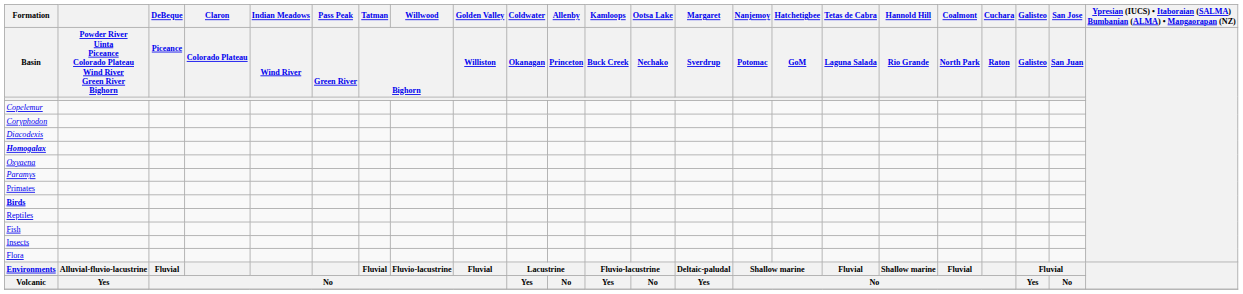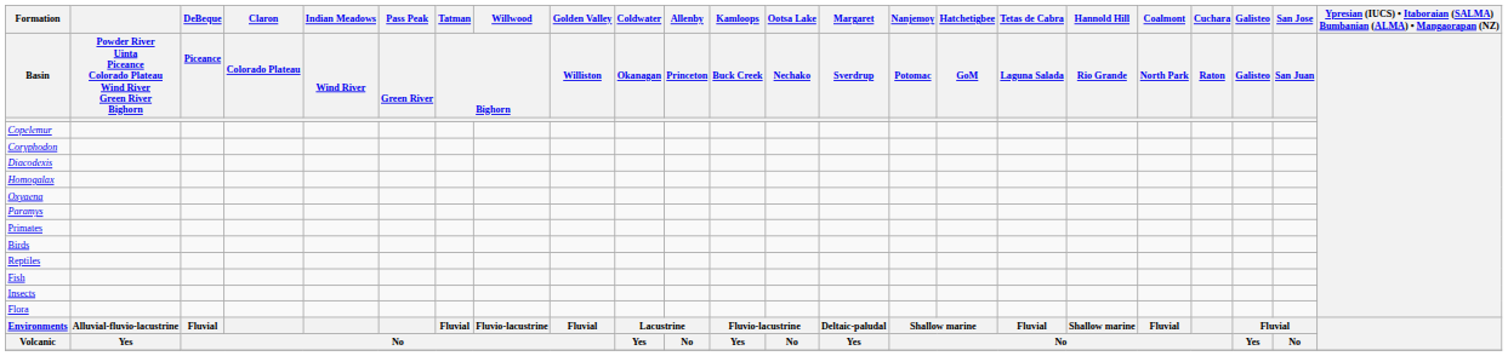 <table class="wikitable" style="font-size: 60%">
 <tr>
 <th>Formation</th>
 <th></th>
 <th><a href='#'>DeBeque</a></th>
 <th><a href='#'>Claron</a></th>
 <th><a href='#'>Indian Meadows</a></th>
 <th><a href='#'>Pass Peak</a></th>
 <th><a href='#'>Tatman</a></th>
 <th><a href='#'>Willwood</a></th>
 <th><a href='#'>Golden Valley</a></th>
 <th><a href='#'>Coldwater</a></th>
 <th><a href='#'>Allenby</a></th>
 <th><a href='#'>Kamloops</a></th>
 <th><a href='#'>Ootsa Lake</a></th>
 <th><a href='#'>Margaret</a></th>
 <th><a href='#'>Nanjemoy</a></th>
 <th><a href='#'>Hatchetigbee</a></th>
 <th><a href='#'>Tetas de Cabra</a></th>
 <th><a href='#'>Hannold Hill</a></th>
 <th><a href='#'>Coalmont</a></th>
 <th><a href='#'>Cuchara</a></th>
 <th><a href='#'>Galisteo</a></th>
 <th><a href='#'>San Jose</a></th>
 <th><a href='#'>Ypresian</a> (IUCS) • <a href='#'>Itaboraian</a> (<a href='#'>SALMA</a>)<br><a href='#'>Bumbanian</a> (<a href='#'>ALMA</a>) • <a href='#'>Mangaorapan</a> (NZ)</th>
 </tr>
 <tr>
 <th>Basin</th>
 <th><a href='#'>Powder River</a><br><a href='#'>Uinta</a><br><a href='#'>Piceance</a><br><a href='#'>Colorado Plateau</a><br><a href='#'>Wind River</a><br><a href='#'>Green River</a><br><a href='#'>Bighorn</a></th>
 <th><a href='#'>Piceance</a><br><br><br><br></th>
 <th><br><a href='#'>Colorado Plateau</a><br><br><br></th>
 <th><br><br><br><a href='#'>Wind River</a><br><br></th>
 <th><br><br><br><br><a href='#'>Green River</a><br></th>
 <th colspan=2><br><br><br><br><br><br><a href='#'>Bighorn</a></th>
 <th><a href='#'>Williston</a></th>
 <th><a href='#'>Okanagan</a></th>
 <th><a href='#'>Princeton</a></th>
 <th><a href='#'>Buck Creek</a></th>
 <th><a href='#'>Nechako</a></th>
 <th><a href='#'>Sverdrup</a></th>
 <th><a href='#'>Potomac</a></th>
 <th><a href='#'>GoM</a></th>
 <th><a href='#'>Laguna Salada</a></th>
 <th><a href='#'>Rio Grande</a></th>
 <th><a href='#'>North Park</a></th>
 <th><a href='#'>Raton</a></th>
 <th><a href='#'>Galisteo</a></th>
 <th><a href='#'>San Juan</a></th>
 <th align=center rowspan=14></th>
 </tr>
 <tr>
 <th></th>
 <th colspan=8></th>
 <th colspan=5></th>
 <th colspan=2></th>
 <th></th>
 <th colspan=5></th>
 </tr>
 <tr>
 <td><em><a href='#'>Copelemur</a></em></td>
 <td align=center></td>
 <td align=center></td>
 <td align=center></td>
 <td align=center></td>
 <td align=center></td>
 <td align=center></td>
 <td align=center></td>
 <td align=center></td>
 <td align=center></td>
 <td align=center></td>
 <td align=center></td>
 <td align=center></td>
 <td align=center></td>
 <td align=center></td>
 <td align=center></td>
 <td align=center></td>
 <td align=center></td>
 <td align=center></td>
 <td align=center></td>
 <td align=center></td>
 <td align=center></td>
 </tr>
 <tr>
 <td><em><a href='#'>Coryphodon</a></em></td>
 <td align=center></td>
 <td align=center></td>
 <td align=center></td>
 <td align=center></td>
 <td align=center></td>
 <td align=center></td>
 <td align=center></td>
 <td align=center></td>
 <td align=center></td>
 <td align=center></td>
 <td align=center></td>
 <td align=center></td>
 <td align=center></td>
 <td align=center></td>
 <td align=center></td>
 <td align=center></td>
 <td align=center></td>
 <td align=center></td>
 <td align=center></td>
 <td align=center></td>
 <td align=center></td>
 </tr>
 <tr>
 <td><em><a href='#'>Diacodexis</a></em></td>
 <td align=center></td>
 <td align=center></td>
 <td align=center></td>
 <td align=center></td>
 <td align=center></td>
 <td align=center></td>
 <td align=center></td>
 <td align=center></td>
 <td align=center></td>
 <td align=center></td>
 <td align=center></td>
 <td align=center></td>
 <td align=center></td>
 <td align=center></td>
 <td align=center></td>
 <td align=center></td>
 <td align=center></td>
 <td align=center></td>
 <td align=center></td>
 <td align=center></td>
 <td align=center></td>
 </tr>
 <tr>
-<td><strong><em><a href='#'>Homogalax</a></em></strong></td>
+<td><em><a href='#'>Homogalax</a></em></td>
 <td align=center></td>
 <td align=center></td>
 <td align=center></td>
 <td align=center></td>
 <td align=center></td>
 <td align=center></td>
 <td align=center></td>
 <td align=center></td>
 <td align=center></td>
 <td align=center></td>
 <td align=center></td>
 <td align=center></td>
 <td align=center></td>
 <td align=center></td>
 <td align=center></td>
 <td align=center></td>
 <td align=center></td>
 <td align=center></td>
 <td align=center></td>
 <td align=center></td>
 <td align=center></td>
 </tr>
 <tr>
 <td><em><a href='#'>Oxyaena</a></em></td>
 <td align=center></td>
 <td align=center></td>
 <td align=center></td>
 <td align=center></td>
 <td align=center></td>
 <td align=center></td>
 <td align=center></td>
 <td align=center></td>
 <td align=center></td>
 <td align=center></td>
 <td align=center></td>
 <td align=center></td>
 <td align=center></td>
 <td align=center></td>
 <td align=center></td>
 <td align=center></td>
 <td align=center></td>
 <td align=center></td>
 <td align=center></td>
 <td align=center></td>
 <td align=center></td>
 </tr>
 <tr>
 <td><em><a href='#'>Paramys</a></em></td>
 <td align=center></td>
 <td align=center></td>
 <td align=center></td>
 <td align=center></td>
 <td align=center></td>
 <td align=center></td>
 <td align=center></td>
 <td align=center></td>
 <td align=center></td>
 <td align=center></td>
 <td align=center></td>
 <td align=center></td>
 <td align=center></td>
 <td align=center></td>
 <td align=center></td>
 <td align=center></td>
 <td align=center></td>
 <td align=center></td>
 <td align=center></td>
 <td align=center></td>
 <td align=center></td>
 </tr>
 <tr>
 <td><a href='#'>Primates</a></td>
 <td align=center></td>
 <td align=center></td>
 <td align=center></td>
 <td align=center></td>
 <td align=center></td>
 <td align=center></td>
 <td align=center></td>
 <td align=center></td>
 <td align=center></td>
 <td align=center></td>
 <td align=center></td>
 <td align=center></td>
 <td align=center></td>
 <td align=center></td>
 <td align=center></td>
 <td align=center></td>
 <td align=center></td>
 <td align=center></td>
 <td align=center></td>
 <td align=center></td>
 <td align=center></td>
 </tr>
 <tr>
-<td><strong><a href='#'>Birds</a></strong></td>
+<td><a href='#'>Birds</a></td>
 <td align=center></td>
 <td align=center></td>
 <td align=center></td>
 <td align=center></td>
 <td align=center></td>
 <td align=center></td>
 <td align=center></td>
 <td align=center></td>
 <td align=center></td>
 <td align=center></td>
 <td align=center></td>
 <td align=center></td>
 <td align=center></td>
 <td align=center></td>
 <td align=center></td>
 <td align=center></td>
 <td align=center></td>
 <td align=center></td>
 <td align=center></td>
 <td align=center></td>
 <td align=center></td>
 </tr>
 <tr>
 <td><a href='#'>Reptiles</a></td>
 <td align=center></td>
 <td align=center></td>
 <td align=center></td>
 <td align=center></td>
 <td align=center></td>
 <td align=center></td>
 <td align=center></td>
 <td align=center></td>
 <td align=center></td>
 <td align=center></td>
 <td align=center></td>
 <td align=center></td>
 <td align=center></td>
 <td align=center></td>
 <td align=center></td>
 <td align=center></td>
 <td align=center></td>
 <td align=center></td>
 <td align=center></td>
 <td align=center></td>
 <td align=center></td>
 </tr>
 <tr>
 <td><a href='#'>Fish</a></td>
 <td align=center></td>
 <td align=center></td>
 <td align=center></td>
 <td align=center></td>
 <td align=center></td>
 <td align=center></td>
 <td align=center></td>
 <td align=center></td>
 <td align=center></td>
 <td align=center></td>
 <td align=center></td>
 <td align=center></td>
 <td align=center></td>
 <td align=center></td>
 <td align=center></td>
 <td align=center></td>
 <td align=center></td>
 <td align=center></td>
 <td align=center></td>
 <td align=center></td>
 <td align=center></td>
 </tr>
 <tr>
 <td><a href='#'>Insects</a></td>
 <td align=center></td>
 <td align=center></td>
 <td align=center></td>
 <td align=center></td>
 <td align=center></td>
 <td align=center></td>
 <td align=center></td>
 <td align=center></td>
 <td align=center></td>
 <td align=center></td>
 <td align=center></td>
 <td align=center></td>
 <td align=center></td>
 <td align=center></td>
 <td align=center></td>
 <td align=center></td>
 <td align=center></td>
 <td align=center></td>
 <td align=center></td>
 <td align=center></td>
 <td align=center></td>
 </tr>
 <tr>
 <td><a href='#'>Flora</a></td>
 <td align=center></td>
 <td align=center></td>
 <td align=center></td>
 <td align=center></td>
 <td align=center></td>
 <td align=center></td>
 <td align=center></td>
 <td align=center></td>
 <td align=center></td>
 <td align=center></td>
 <td align=center></td>
 <td align=center></td>
 <td align=center></td>
 <td align=center></td>
 <td align=center></td>
 <td align=center></td>
 <td align=center></td>
 <td align=center></td>
 <td align=center></td>
 <td align=center></td>
 <td align=center></td>
 </tr>
 <tr>
 <th><a href='#'>Environments</a></th>
 <th>Alluvial-fluvio-lacustrine</th>
 <th>Fluvial</th>
 <th></th>
 <th></th>
 <th></th>
 <th>Fluvial</th>
 <th>Fluvio-lacustrine</th>
 <th>Fluvial</th>
 <th colspan=2>Lacustrine</th>
 <th colspan=2>Fluvio-lacustrine</th>
 <th>Deltaic-paludal</th>
 <th colspan=2>Shallow marine</th>
 <th>Fluvial</th>
 <th>Shallow marine</th>
 <th>Fluvial</th>
 <th></th>
 <th colspan=2>Fluvial</th>
 <th rowspan=2 align=left><br><br></th>
 </tr>
 <tr>
 <th>Volcanic</th>
 <th>Yes</th>
 <th colspan=7>No</th>
 <th>Yes</th>
 <th>No</th>
 <th>Yes</th>
 <th>No</th>
 <th>Yes</th>
 <th colspan=6>No</th>
 <th>Yes</th>
 <th>No</th>
 </tr>
 <tr>
 </tr>
 </table>
